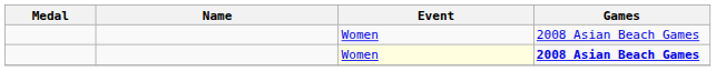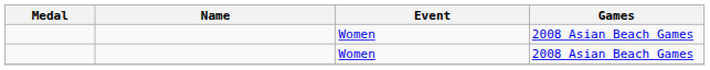 <table class="wikitable sortable" style="font-size:100%">
 <tr>
 <th width="90">Medal</th>
 <th width="250">Name</th>
 <th width="200">Event</th>
 <th width="180">Games</th>
 </tr>
 <tr>
 <td></td>
 <td></td>
 <td><a href='#'>Women</a></td>
 <td><a href='#'>2008 Asian Beach Games</a></td>
 </tr>
 <tr>
 <td></td>
 <td></td>
-<td style="background: lightyellow;"><a href='#'>Women</a></td>
-<td><strong><a href='#'>2008 Asian Beach Games</a></strong></td>
+<td><a href='#'>Women</a></td>
+<td><a href='#'>2008 Asian Beach Games</a></td>
 </tr>
 <tr>
 </tr>
 </table>
